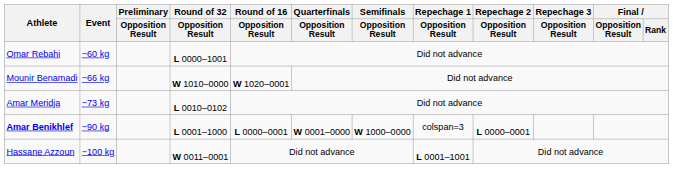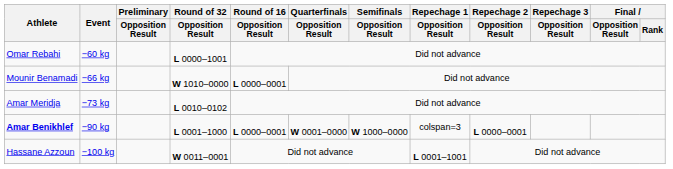 <table class="wikitable" style="font-size:90%">
 <tr>
 <th rowspan="2">Athlete</th>
 <th rowspan="2">Event</th>
 <th>Preliminary</th>
 <th>Round of 32</th>
 <th>Round of 16</th>
 <th>Quarterfinals</th>
 <th>Semifinals</th>
 <th>Repechage 1</th>
 <th>Repechage 2</th>
 <th>Repechage 3</th>
 <th colspan=2>Final / </th>
 </tr>
 <tr style="font-size:95%">
 <th>Opposition<br>Result</th>
 <th>Opposition<br>Result</th>
 <th>Opposition<br>Result</th>
 <th>Opposition<br>Result</th>
 <th>Opposition<br>Result</th>
 <th>Opposition<br>Result</th>
 <th>Opposition<br>Result</th>
 <th>Opposition<br>Result</th>
 <th>Opposition<br>Result</th>
 <th>Rank</th>
 </tr>
 <tr align=center>
 <td align=left><a href='#'>Omar Rebahi</a></td>
 <td align=left><a href='#'>−60 kg</a></td>
 <td></td>
 <td><br><strong>L</strong> 0000–1001</td>
 <td colspan=8>Did not advance</td>
 </tr>
 <tr align=center>
 <td align=left><a href='#'>Mounir Benamadi</a></td>
 <td align=left><a href='#'>−66 kg</a></td>
 <td></td>
 <td><br><strong>W</strong> 1010–0000</td>
-<td><br><strong>W</strong> 1020–0001</td>
+<td><br><strong>L</strong> 0000–0001</td>
 <td colspan=7>Did not advance</td>
 </tr>
 <tr align=center>
 <td align=left><a href='#'>Amar Meridja</a></td>
 <td align=left><a href='#'>−73 kg</a></td>
 <td></td>
 <td><br><strong>L</strong> 0010–0102</td>
 <td colspan=8>Did not advance</td>
 </tr>
 <tr align=center>
 <td align=left><strong><a href='#'>Amar Benikhlef</a></strong></td>
 <td align=left><a href='#'>−90 kg</a></td>
 <td></td>
 <td><br><strong>L</strong> 0001–1000</td>
 <td><br><strong>L</strong> 0000–0001</td>
 <td><br><strong>W</strong> 0001–0000</td>
 <td><br><strong>W</strong> 1000–0000</td>
 <td>colspan=3 </td>
 <td><br><strong>L</strong> 0000–0001</td>
 <td></td>
 </tr>
 <tr align=center>
 <td align=left><a href='#'>Hassane Azzoun</a></td>
 <td align=left><a href='#'>−100 kg</a></td>
 <td></td>
 <td><br><strong>W</strong> 0011–0001</td>
 <td colspan=3>Did not advance</td>
 <td><br><strong>L</strong> 0001–1001</td>
 <td colspan=4>Did not advance</td>
 </tr>
 </table>
